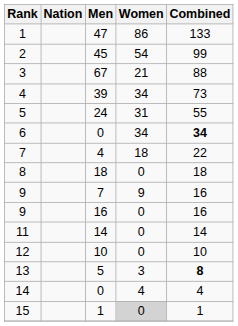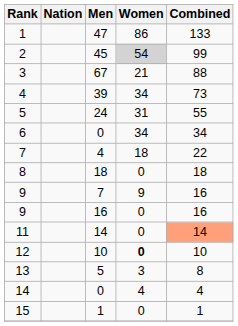 <table class="wikitable sortable" style="text-align:center">
 <tr>
 <th>Rank</th>
 <th>Nation</th>
 <th>Men</th>
 <th>Women</th>
 <th>Combined</th>
 </tr>
 <tr>
 <td>1</td>
 <td align=left></td>
 <td>47</td>
 <td>86</td>
 <td>133</td>
 </tr>
 <tr>
 <td>2</td>
 <td align=left></td>
 <td>45</td>
-<td>54</td>
+<td style="background: lightgrey;">54</td>
 <td>99</td>
 </tr>
 <tr>
 <td>3</td>
 <td align=left></td>
 <td>67</td>
 <td>21</td>
 <td>88</td>
 </tr>
 <tr>
 <td>4</td>
 <td align=left></td>
 <td>39</td>
 <td>34</td>
 <td>73</td>
 </tr>
 <tr>
 <td>5</td>
 <td align=left></td>
 <td>24</td>
 <td>31</td>
 <td>55</td>
 </tr>
 <tr>
 <td>6</td>
 <td align=left></td>
 <td>0</td>
 <td>34</td>
-<td><strong>34</strong></td>
+<td>34</td>
 </tr>
 <tr>
 <td>7</td>
 <td align=left></td>
 <td>4</td>
 <td>18</td>
 <td>22</td>
 </tr>
 <tr>
 <td>8</td>
 <td align=left></td>
 <td>18</td>
 <td>0</td>
 <td>18</td>
 </tr>
 <tr>
 <td>9</td>
 <td align=left></td>
 <td>7</td>
 <td>9</td>
 <td>16</td>
 </tr>
 <tr>
 <td>9</td>
 <td align=left></td>
 <td>16</td>
 <td>0</td>
 <td>16</td>
 </tr>
 <tr>
 <td>11</td>
 <td align=left></td>
 <td>14</td>
 <td>0</td>
-<td>14</td>
+<td style="background: lightsalmon;">14</td>
 </tr>
 <tr>
 <td>12</td>
 <td align=left></td>
 <td>10</td>
-<td>0</td>
+<td><strong>0</strong></td>
 <td>10</td>
 </tr>
 <tr>
 <td>13</td>
 <td align=left></td>
 <td>5</td>
 <td>3</td>
-<td><strong>8</strong></td>
+<td>8</td>
 </tr>
 <tr>
 <td>14</td>
 <td align=left></td>
 <td>0</td>
 <td>4</td>
 <td>4</td>
 </tr>
 <tr>
 <td>15</td>
 <td align=left></td>
 <td>1</td>
-<td style="background: lightgrey;">0</td>
+<td>0</td>
 <td>1</td>
 </tr>
 <tr>
 </tr>
 </table>
